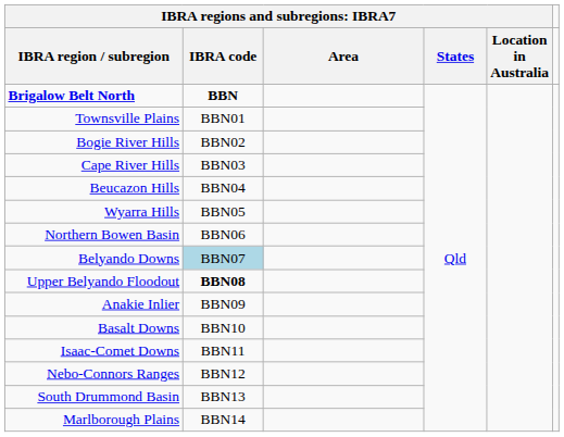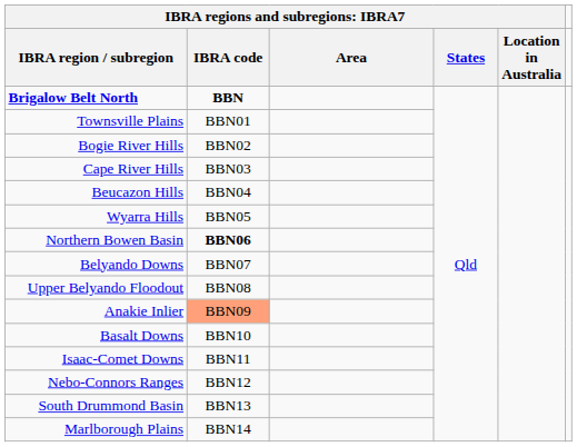 <table class="wikitable sortable">
 <tr>
 <th colspan=5>IBRA regions and subregions: IBRA7</th>
 </tr>
 <tr>
 <th scope="col" width="250px">IBRA region / subregion</th>
 <th scope="col" width="100px">IBRA code</th>
 <th scope="col" width="250px">Area</th>
 <th scope="col" width="75px"><a href='#'>States</a></th>
 <th>Location in Australia</th>
 <td></td>
 </tr>
 <tr>
 <td><strong><a href='#'>Brigalow Belt North</a></strong></td>
 <td align="center"><strong>BBN</strong></td>
 <td align="right"><strong></strong></td>
 <td align="center" rowspan=15><a href='#'>Qld</a></td>
 <td align="center" rowspan=15></td>
 </tr>
 <tr>
 <td align="right"><a href='#'>Townsville Plains</a></td>
 <td align="center">BBN01</td>
 <td align="right"></td>
 </tr>
 <tr>
 <td align="right"><a href='#'>Bogie River Hills</a></td>
 <td align="center">BBN02</td>
 <td align="right"></td>
 </tr>
 <tr>
 <td align="right"><a href='#'>Cape River Hills</a></td>
 <td align="center">BBN03</td>
 <td align="right"></td>
 </tr>
 <tr>
 <td align="right"><a href='#'>Beucazon Hills</a></td>
 <td align="center">BBN04</td>
 <td align="right"></td>
 </tr>
 <tr>
 <td align="right"><a href='#'>Wyarra Hills</a></td>
 <td align="center">BBN05</td>
 <td align="right"></td>
 </tr>
 <tr>
 <td align="right"><a href='#'>Northern Bowen Basin</a></td>
-<td align="center">BBN06</td>
+<td align="center"><strong>BBN06</strong></td>
 <td align="right"></td>
 </tr>
 <tr>
 <td align="right"><a href='#'>Belyando Downs</a></td>
-<td align="center" style="background: lightblue;">BBN07</td>
+<td align="center">BBN07</td>
 <td align="right"></td>
 </tr>
 <tr>
 <td align="right"><a href='#'>Upper Belyando Floodout</a></td>
-<td align="center"><strong>BBN08</strong></td>
+<td align="center">BBN08</td>
 <td align="right"></td>
 </tr>
 <tr>
 <td align="right"><a href='#'>Anakie Inlier</a></td>
-<td align="center">BBN09</td>
+<td align="center" style="background: lightsalmon;">BBN09</td>
 <td align="right"></td>
 </tr>
 <tr>
 <td align="right"><a href='#'>Basalt Downs</a></td>
 <td align="center">BBN10</td>
 <td align="right"></td>
 </tr>
 <tr>
 <td align="right"><a href='#'>Isaac-Comet Downs</a></td>
 <td align="center">BBN11</td>
 <td align="right"></td>
 </tr>
 <tr>
 <td align="right"><a href='#'>Nebo-Connors Ranges</a></td>
 <td align="center">BBN12</td>
 <td align="right"></td>
 </tr>
 <tr>
 <td align="right"><a href='#'>South Drummond Basin</a></td>
 <td align="center">BBN13</td>
 <td align="right"></td>
 </tr>
 <tr>
 <td align="right"><a href='#'>Marlborough Plains</a></td>
 <td align="center">BBN14</td>
 <td align="right"></td>
 </tr>
 </table>
